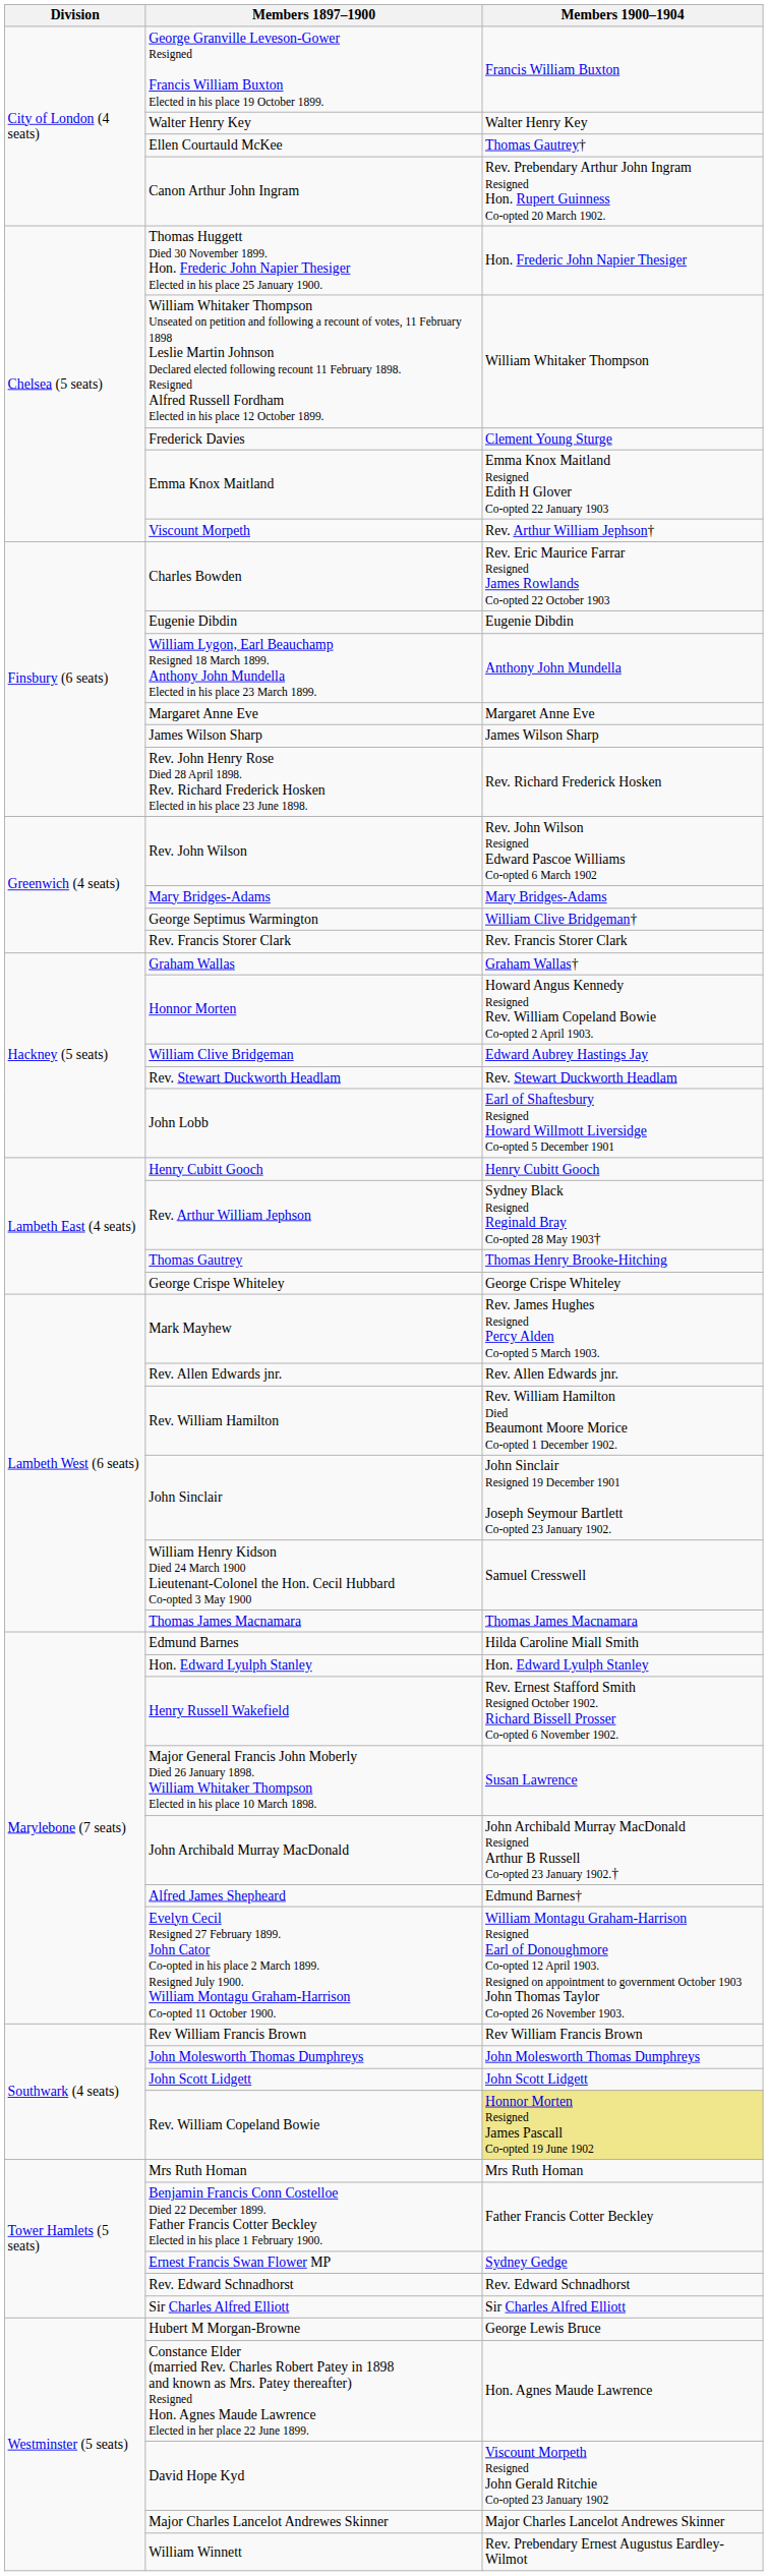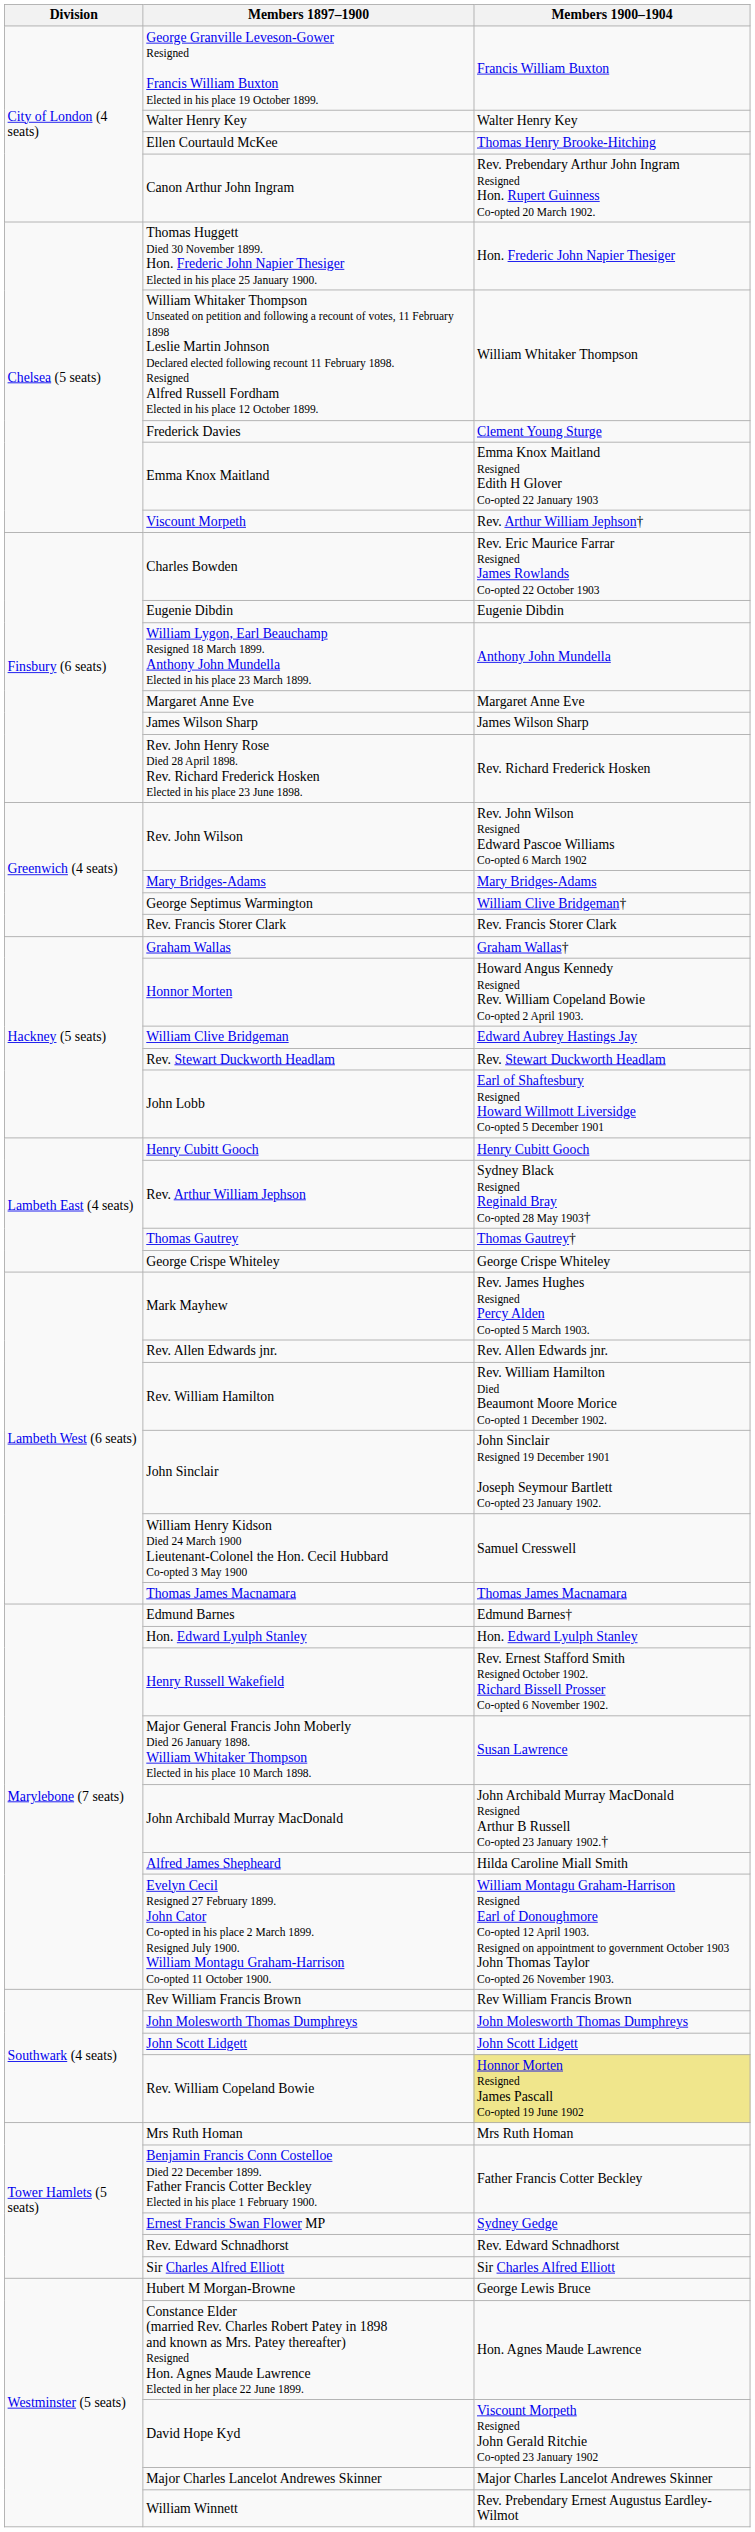 <table class="wikitable">
 <tr>
 <th>Division</th>
 <th>Members 1897–1900</th>
 <th>Members 1900–1904</th>
 </tr>
 <tr>
 <td rowspan="4"><a href='#'>City of London</a> (4 seats)</td>
 <td><a href='#'>George Granville Leveson-Gower</a><small><br>Resigned<br></small><br><a href='#'>Francis William Buxton</a><small><br>Elected in his place 19 October 1899.</small></td>
 <td><a href='#'>Francis William Buxton</a></td>
 </tr>
 <tr>
 <td>Walter Henry Key</td>
 <td>Walter Henry Key</td>
 </tr>
 <tr>
 <td>Ellen Courtauld McKee</td>
-<td><a href='#'>Thomas Gautrey</a>†</td>
+<td><a href='#'>Thomas Henry Brooke-Hitching</a></td>
 </tr>
 <tr>
 <td>Canon Arthur John Ingram</td>
 <td>Rev. Prebendary Arthur John Ingram <small><br>Resigned<br></small>Hon. <a href='#'>Rupert Guinness</a><small><br>Co-opted 20 March 1902.</small></td>
 </tr>
 <tr>
 <td rowspan="5"><a href='#'>Chelsea</a> (5 seats)</td>
 <td>Thomas Huggett<small><br>Died 30 November 1899. </small><br>Hon. <a href='#'>Frederic John Napier Thesiger</a><small><br>Elected in his place 25 January 1900.</small></td>
 <td>Hon. <a href='#'>Frederic John Napier Thesiger</a></td>
 </tr>
 <tr>
 <td>William Whitaker Thompson<small><br>Unseated on petition and following a recount of votes, 11 February 1898</small><br>Leslie Martin Johnson<small><br>Declared elected following recount 11 February 1898.</small><small><br>Resigned<br></small>Alfred Russell Fordham<small><br>Elected in his place 12 October 1899.</small></td>
 <td>William Whitaker Thompson</td>
 </tr>
 <tr>
 <td>Frederick Davies</td>
 <td><a href='#'>Clement Young Sturge</a></td>
 </tr>
 <tr>
 <td>Emma Knox Maitland</td>
 <td>Emma Knox Maitland<small><br>Resigned<br></small>Edith H Glover<small><br>Co-opted 22 January 1903</small></td>
 </tr>
 <tr>
 <td><a href='#'>Viscount Morpeth</a></td>
 <td>Rev. <a href='#'>Arthur William Jephson</a>†</td>
 </tr>
 <tr>
 <td rowspan="6"><a href='#'>Finsbury</a> (6 seats)</td>
 <td>Charles Bowden</td>
 <td>Rev. Eric Maurice Farrar<small><br>Resigned<br></small><a href='#'>James Rowlands</a><small><br>Co-opted 22 October 1903</small></td>
 </tr>
 <tr>
 <td>Eugenie Dibdin</td>
 <td>Eugenie Dibdin</td>
 </tr>
 <tr>
 <td><a href='#'>William Lygon, Earl Beauchamp</a><small><br>Resigned 18 March 1899.</small><br><a href='#'>Anthony John Mundella</a><small><br>Elected in his place 23 March 1899.</small></td>
 <td><a href='#'>Anthony John Mundella</a></td>
 </tr>
 <tr>
 <td>Margaret Anne Eve</td>
 <td>Margaret Anne Eve</td>
 </tr>
 <tr>
 <td>James Wilson Sharp</td>
 <td>James Wilson Sharp</td>
 </tr>
 <tr>
 <td>Rev. John Henry Rose<small><br>Died 28 April 1898.</small><br>Rev. Richard Frederick Hosken<small><br>Elected in his place 23 June 1898.</small></td>
 <td>Rev. Richard Frederick Hosken</td>
 </tr>
 <tr>
 <td rowspan="4"><a href='#'>Greenwich</a> (4 seats)</td>
 <td>Rev. John Wilson</td>
 <td>Rev. John Wilson<small><br>Resigned<br></small>Edward Pascoe Williams<small><br>Co-opted 6 March 1902</small></td>
 </tr>
 <tr>
 <td><a href='#'>Mary Bridges-Adams</a></td>
 <td><a href='#'>Mary Bridges-Adams</a></td>
 </tr>
 <tr>
 <td>George Septimus Warmington</td>
 <td><a href='#'>William Clive Bridgeman</a>†</td>
 </tr>
 <tr>
 <td>Rev. Francis Storer Clark</td>
 <td>Rev. Francis Storer Clark</td>
 </tr>
 <tr>
 <td rowspan="5"><a href='#'>Hackney</a> (5 seats)</td>
 <td><a href='#'>Graham Wallas</a></td>
 <td><a href='#'>Graham Wallas</a>†</td>
 </tr>
 <tr>
 <td><a href='#'>Honnor Morten</a></td>
 <td>Howard Angus Kennedy<small><br>Resigned<br></small>Rev. William Copeland Bowie<small><br>Co-opted 2 April 1903.</small></td>
 </tr>
 <tr>
 <td><a href='#'>William Clive Bridgeman</a></td>
 <td><a href='#'>Edward Aubrey Hastings Jay</a></td>
 </tr>
 <tr>
 <td>Rev. <a href='#'>Stewart Duckworth Headlam</a></td>
 <td>Rev. <a href='#'>Stewart Duckworth Headlam</a></td>
 </tr>
 <tr>
 <td>John Lobb</td>
 <td><a href='#'>Earl of Shaftesbury</a><small><br>Resigned<br></small><a href='#'>Howard Willmott Liversidge</a><small><br>Co-opted 5 December 1901</small></td>
 </tr>
 <tr>
 <td rowspan="4"><a href='#'>Lambeth East</a> (4 seats)</td>
 <td><a href='#'>Henry Cubitt Gooch</a></td>
 <td><a href='#'>Henry Cubitt Gooch</a></td>
 </tr>
 <tr>
 <td>Rev. <a href='#'>Arthur William Jephson</a></td>
 <td>Sydney Black<small><br>Resigned<br></small><a href='#'>Reginald Bray</a><small><br>Co-opted 28 May 1903</small>†</td>
 </tr>
 <tr>
 <td><a href='#'>Thomas Gautrey</a></td>
-<td><a href='#'>Thomas Henry Brooke-Hitching</a></td>
+<td><a href='#'>Thomas Gautrey</a>†</td>
 </tr>
 <tr>
 <td>George Crispe Whiteley</td>
 <td>George Crispe Whiteley</td>
 </tr>
 <tr>
 <td rowspan="6"><a href='#'>Lambeth West</a> (6 seats)</td>
 <td>Mark Mayhew</td>
 <td>Rev. James Hughes<small><br>Resigned<br></small><a href='#'>Percy Alden</a><small><br>Co-opted 5 March 1903.</small></td>
 </tr>
 <tr>
 <td>Rev. Allen Edwards jnr.</td>
 <td>Rev. Allen Edwards jnr.</td>
 </tr>
 <tr>
 <td>Rev. William Hamilton</td>
 <td>Rev. William Hamilton<small><br>Died<br></small>Beaumont Moore Morice<small><br>Co-opted 1 December 1902.</small></td>
 </tr>
 <tr>
 <td>John Sinclair</td>
 <td>John Sinclair<small><br>Resigned 19 December 1901<br></small><br>Joseph Seymour Bartlett<small><br>Co-opted 23 January 1902.</small></td>
 </tr>
 <tr>
 <td>William Henry Kidson<small><br>Died 24 March 1900</small><small><br></small>Lieutenant-Colonel the Hon. Cecil Hubbard<small><br>Co-opted 3 May 1900</small></td>
 <td>Samuel Cresswell</td>
 </tr>
 <tr>
 <td><a href='#'>Thomas James Macnamara</a></td>
 <td><a href='#'>Thomas James Macnamara</a></td>
 </tr>
 <tr>
 <td rowspan="7"><a href='#'>Marylebone</a> (7 seats)</td>
 <td>Edmund Barnes</td>
-<td>Hilda Caroline Miall Smith</td>
+<td>Edmund Barnes†</td>
 </tr>
 <tr>
 <td>Hon. <a href='#'>Edward Lyulph Stanley</a></td>
 <td>Hon. <a href='#'>Edward Lyulph Stanley</a></td>
 </tr>
 <tr>
 <td><a href='#'>Henry Russell Wakefield</a></td>
 <td>Rev. Ernest Stafford Smith<small><br>Resigned October 1902.</small><br><a href='#'>Richard Bissell Prosser</a><small><br>Co-opted 6 November 1902.</small></td>
 </tr>
 <tr>
 <td>Major General Francis John Moberly<small><br>Died 26 January 1898.</small> <br><a href='#'>William Whitaker Thompson</a><small><br>Elected in his place 10 March 1898.</small></td>
 <td><a href='#'>Susan Lawrence</a></td>
 </tr>
 <tr>
 <td>John Archibald Murray MacDonald</td>
 <td>John Archibald Murray MacDonald<small><br>Resigned<br></small>Arthur B Russell<small><br>Co-opted 23 January 1902.</small>†</td>
 </tr>
 <tr>
 <td><a href='#'>Alfred James Shepheard</a></td>
-<td>Edmund Barnes†</td>
+<td>Hilda Caroline Miall Smith</td>
 </tr>
 <tr>
 <td><a href='#'>Evelyn Cecil</a><small><br>Resigned 27 February 1899.</small><br><a href='#'>John Cator</a><small><br>Co-opted in his place 2 March 1899.</small><small><br>Resigned July 1900.<br></small><a href='#'>William Montagu Graham-Harrison</a><small><br>Co-opted 11 October 1900.</small></td>
 <td><a href='#'>William Montagu Graham-Harrison</a><small><br>Resigned<br></small><a href='#'>Earl of Donoughmore</a><small><br>Co-opted 12 April 1903.<br>Resigned on appointment to government October 1903</small> <br>John Thomas Taylor<small><br>Co-opted 26 November 1903.</small></td>
 </tr>
 <tr>
 <td rowspan="4"><a href='#'>Southwark</a> (4 seats)</td>
 <td>Rev William Francis Brown</td>
 <td>Rev William Francis Brown</td>
 </tr>
 <tr>
 <td><a href='#'>John Molesworth Thomas Dumphreys</a></td>
 <td><a href='#'>John Molesworth Thomas Dumphreys</a></td>
 </tr>
 <tr>
 <td><a href='#'>John Scott Lidgett</a></td>
 <td><a href='#'>John Scott Lidgett</a></td>
 </tr>
 <tr>
 <td>Rev. William Copeland Bowie</td>
 <td style="background: khaki;"><a href='#'>Honnor Morten</a><small><br>Resigned<br></small>James Pascall<small><br>Co-opted 19 June 1902</small></td>
 </tr>
 <tr>
 <td rowspan="5"><a href='#'>Tower Hamlets</a> (5 seats)</td>
 <td>Mrs Ruth Homan</td>
 <td>Mrs Ruth Homan</td>
 </tr>
 <tr>
 <td><a href='#'>Benjamin Francis Conn Costelloe</a><small><br>Died 22 December 1899.</small><br>Father Francis Cotter Beckley<small><br>Elected in his place 1 February 1900.</small></td>
 <td>Father Francis Cotter Beckley</td>
 </tr>
 <tr>
 <td><a href='#'>Ernest Francis Swan Flower</a> MP</td>
 <td><a href='#'>Sydney Gedge</a></td>
 </tr>
 <tr>
 <td>Rev. Edward Schnadhorst</td>
 <td>Rev. Edward Schnadhorst</td>
 </tr>
 <tr>
 <td>Sir <a href='#'>Charles Alfred Elliott</a></td>
 <td>Sir <a href='#'>Charles Alfred Elliott</a></td>
 </tr>
 <tr>
 <td rowspan="5"><a href='#'>Westminster</a> (5 seats)</td>
 <td>Hubert M Morgan-Browne</td>
 <td>George Lewis Bruce</td>
 </tr>
 <tr>
 <td>Constance Elder<br>(married Rev. Charles Robert Patey in 1898 <br>and known as Mrs. Patey thereafter)<small><br>Resigned<br></small>Hon. Agnes Maude Lawrence<small><br>Elected in her place 22 June 1899.</small></td>
 <td>Hon. Agnes Maude Lawrence</td>
 </tr>
 <tr>
 <td>David Hope Kyd</td>
 <td><a href='#'>Viscount Morpeth</a><small><br>Resigned<br></small>John Gerald Ritchie<small><br>Co-opted 23 January 1902</small></td>
 </tr>
 <tr>
 <td>Major Charles Lancelot Andrewes Skinner</td>
 <td>Major Charles Lancelot Andrewes Skinner</td>
 </tr>
 <tr>
 <td>William Winnett</td>
 <td>Rev. Prebendary Ernest Augustus Eardley-Wilmot</td>
 </tr>
 </table>
